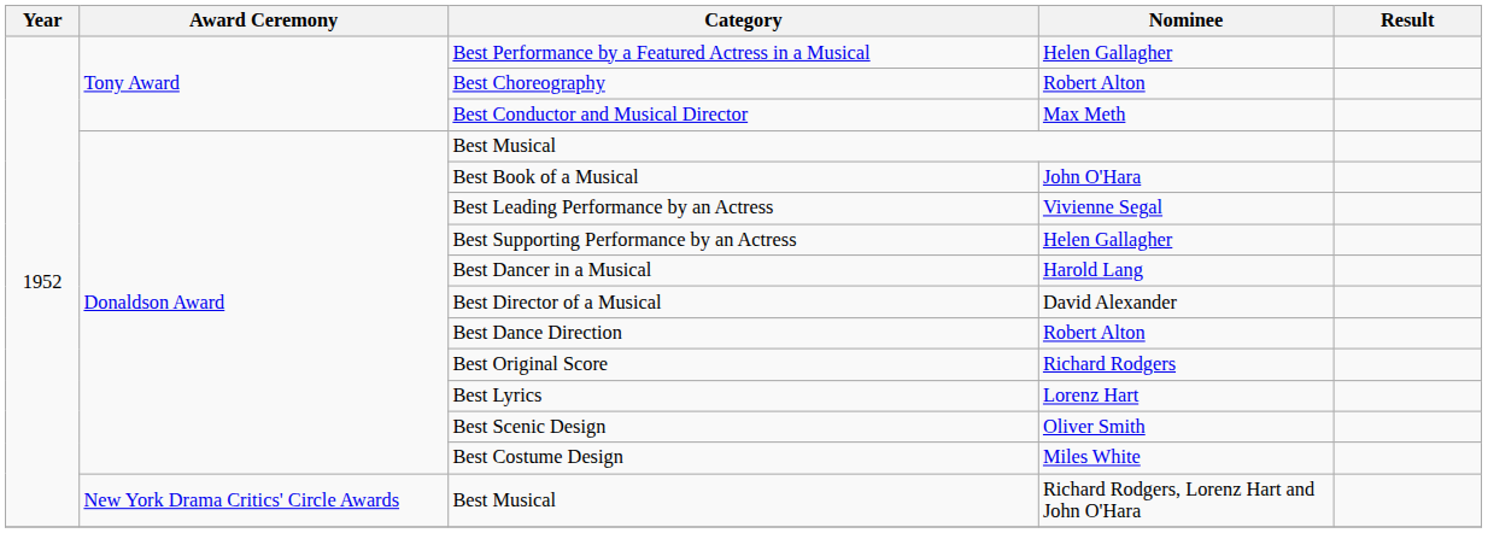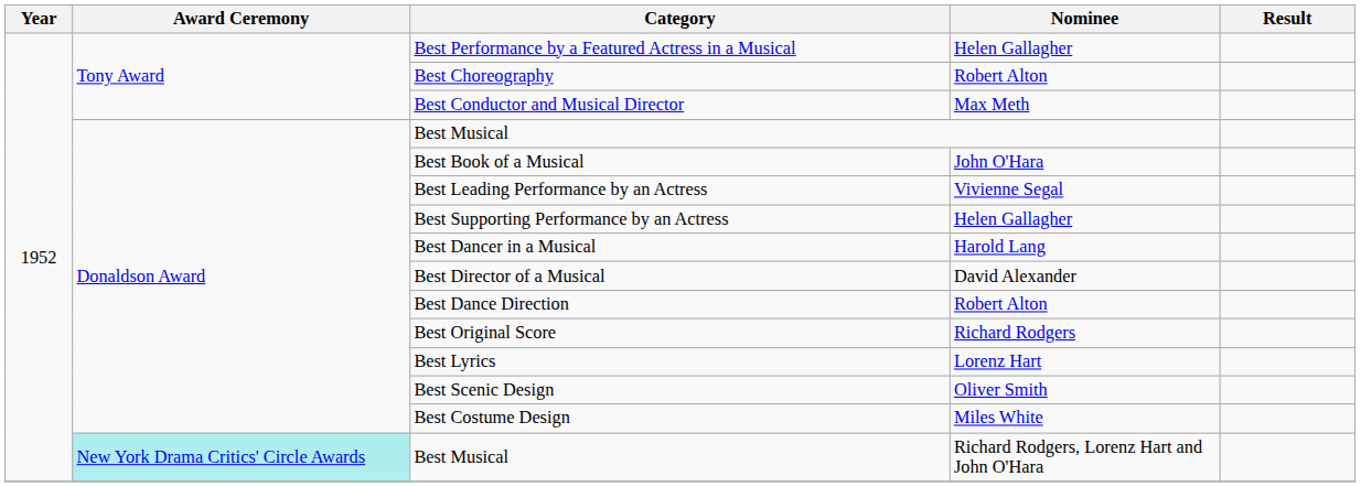 <table class="wikitable" width="95%">
 <tr>
 <th width="5%">Year</th>
 <th width="25%">Award Ceremony</th>
 <th width="40%">Category</th>
 <th width="20%">Nominee</th>
 <th width="10%">Result</th>
 </tr>
 <tr>
 <td rowspan="15" align="center">1952</td>
 <td rowspan="3"><a href='#'>Tony Award</a></td>
 <td><a href='#'>Best Performance by a Featured Actress in a Musical</a></td>
 <td><a href='#'>Helen Gallagher</a></td>
 <td></td>
 </tr>
 <tr>
 <td><a href='#'>Best Choreography</a></td>
 <td><a href='#'>Robert Alton</a></td>
 <td></td>
 </tr>
 <tr>
 <td><a href='#'>Best Conductor and Musical Director</a></td>
 <td><a href='#'>Max Meth</a></td>
 <td></td>
 </tr>
 <tr>
 <td rowspan="11"><a href='#'>Donaldson Award</a></td>
 <td colspan="2">Best Musical</td>
 <td></td>
 </tr>
 <tr>
 <td>Best Book of a Musical</td>
 <td><a href='#'>John O'Hara</a></td>
 <td></td>
 </tr>
 <tr>
 <td>Best Leading Performance by an Actress</td>
 <td><a href='#'>Vivienne Segal</a></td>
 <td></td>
 </tr>
 <tr>
 <td>Best Supporting Performance by an Actress</td>
 <td><a href='#'>Helen Gallagher</a></td>
 <td></td>
 </tr>
 <tr>
 <td>Best Dancer in a Musical</td>
 <td><a href='#'>Harold Lang</a></td>
 <td></td>
 </tr>
 <tr>
 <td>Best Director of a Musical</td>
 <td>David Alexander</td>
 <td></td>
 </tr>
 <tr>
 <td>Best Dance Direction</td>
 <td><a href='#'>Robert Alton</a></td>
 <td></td>
 </tr>
 <tr>
 <td>Best Original Score</td>
 <td><a href='#'>Richard Rodgers</a></td>
 <td></td>
 </tr>
 <tr>
 <td>Best Lyrics</td>
 <td><a href='#'>Lorenz Hart</a></td>
 <td></td>
 </tr>
 <tr>
 <td>Best Scenic Design</td>
 <td><a href='#'>Oliver Smith</a></td>
 <td></td>
 </tr>
 <tr>
 <td>Best Costume Design</td>
 <td><a href='#'>Miles White</a></td>
 <td></td>
 </tr>
 <tr>
-<td><a href='#'>New York Drama Critics' Circle Awards</a></td>
+<td style="background: paleturquoise;"><a href='#'>New York Drama Critics' Circle Awards</a></td>
 <td>Best Musical</td>
 <td>Richard Rodgers, Lorenz Hart and John O'Hara</td>
 <td></td>
 </tr>
 <tr>
 </tr>
 </table>
